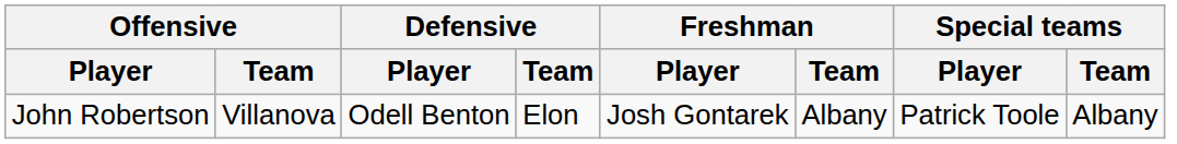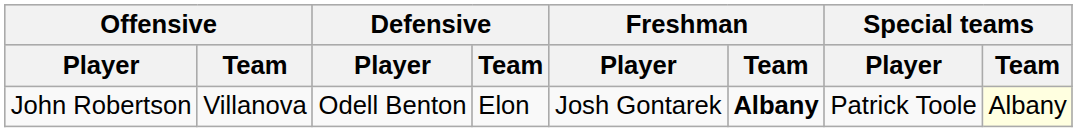 <table class="wikitable" border="1">
 <tr>
 <th colspan="2">Offensive</th>
 <th colspan="2">Defensive</th>
 <th colspan="2">Freshman</th>
 <th colspan="2">Special teams</th>
 </tr>
 <tr>
 <th>Player</th>
 <th>Team</th>
 <th>Player</th>
 <th>Team</th>
 <th>Player</th>
 <th>Team</th>
 <th>Player</th>
 <th>Team</th>
 </tr>
 <tr>
 <td>John Robertson</td>
 <td>Villanova</td>
 <td>Odell Benton</td>
 <td>Elon</td>
 <td>Josh Gontarek</td>
-<td>Albany</td>
+<td><strong>Albany</strong></td>
 <td>Patrick Toole</td>
-<td>Albany</td>
+<td style="background: lightyellow;">Albany</td>
 </tr>
 </table>
